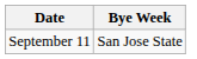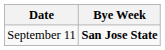 <table class="wikitable" style="font-size:95%">
 <tr>
 <th>Date</th>
 <th colspan="1">Bye Week</th>
 </tr>
 <tr>
 <td>September 11</td>
-<td>San Jose State</td>
+<td><strong>San Jose State</strong></td>
 </tr>
 </table>
